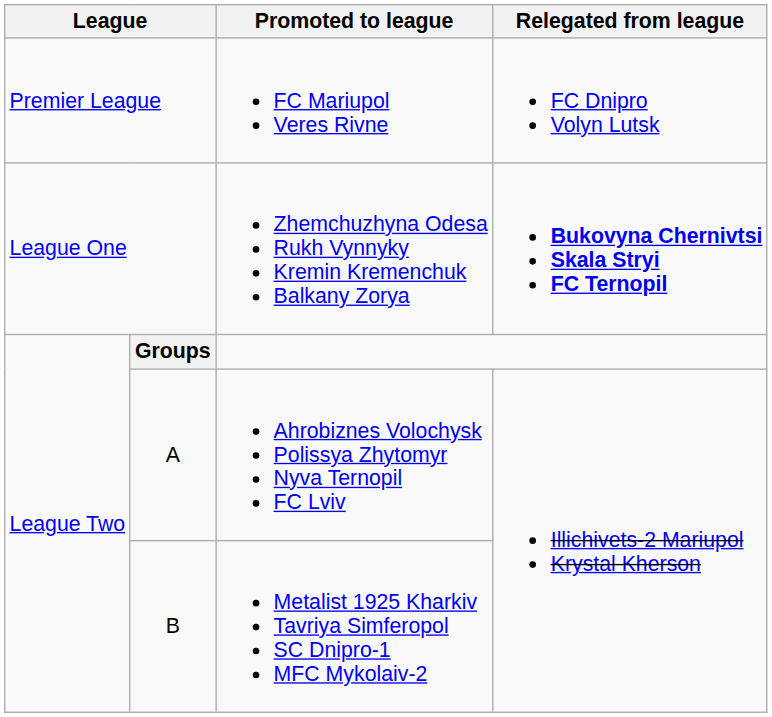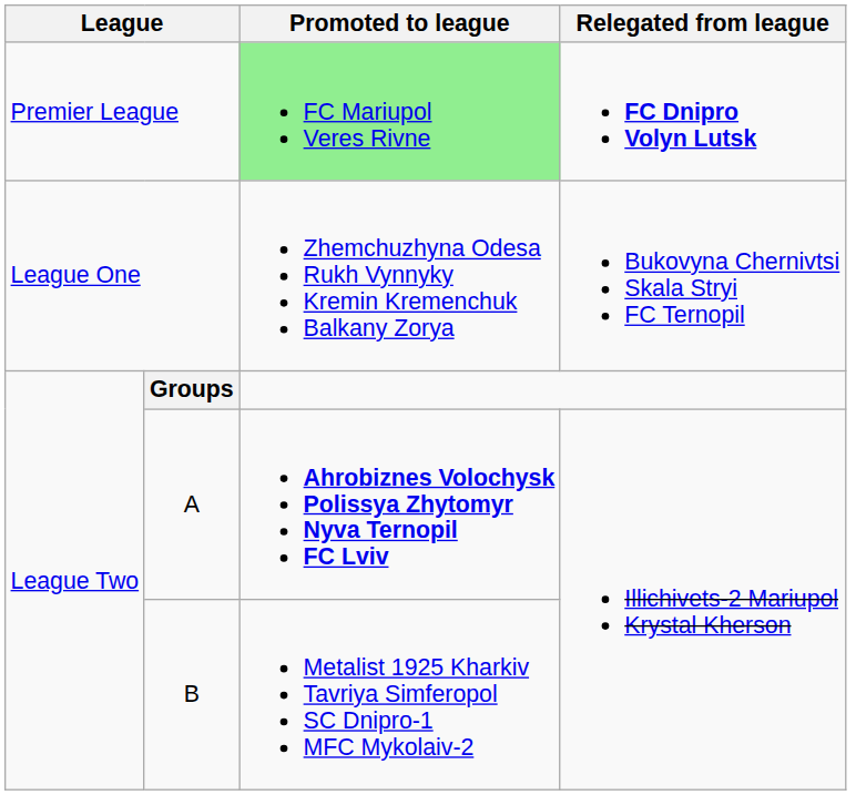 <table class="wikitable">
 <tr>
 <th colspan=2>League</th>
 <th>Promoted to league</th>
 <th>Relegated from league</th>
 </tr>
 <tr>
 <td colspan=2><a href='#'>Premier League</a></td>
-<td><br><ul><li><a href='#'>FC Mariupol</a></li><li><a href='#'>Veres Rivne</a></li></ul></td>
-<td><br><ul><li><a href='#'>FC Dnipro</a> </li><li><a href='#'>Volyn Lutsk</a></li></ul></td>
+<td style="background: lightgreen;"><br><ul><li><a href='#'>FC Mariupol</a></li><li><a href='#'>Veres Rivne</a></li></ul></td>
+<td><strong><br><ul><li><a href='#'>FC Dnipro</a> </li><li><a href='#'>Volyn Lutsk</a></li></ul></strong></td>
 </tr>
 <tr>
 <td colspan=2><a href='#'>League One</a></td>
 <td><br><ul><li><a href='#'>Zhemchuzhyna Odesa</a></li><li><a href='#'>Rukh Vynnyky</a></li><li><a href='#'>Kremin Kremenchuk</a></li><li><a href='#'>Balkany Zorya</a></li></ul></td>
-<td><strong><br><ul><li><a href='#'>Bukovyna Chernivtsi</a></li><li><a href='#'>Skala Stryi</a></li><li><a href='#'>FC Ternopil</a></li></ul></strong></td>
+<td><br><ul><li><a href='#'>Bukovyna Chernivtsi</a></li><li><a href='#'>Skala Stryi</a></li><li><a href='#'>FC Ternopil</a></li></ul></td>
 </tr>
 <tr>
 <td rowspan=3><a href='#'>League Two</a></td>
 <th>Groups</th>
 <td colspan=2></td>
 </tr>
 <tr>
 <td align=center>A</td>
-<td><br><ul><li><a href='#'>Ahrobiznes Volochysk</a></li><li><a href='#'>Polissya Zhytomyr</a></li><li><a href='#'>Nyva Ternopil</a></li><li><a href='#'>FC Lviv</a></li></ul></td>
+<td><strong><br><ul><li><a href='#'>Ahrobiznes Volochysk</a></li><li><a href='#'>Polissya Zhytomyr</a></li><li><a href='#'>Nyva Ternopil</a></li><li><a href='#'>FC Lviv</a></li></ul></strong></td>
 <td rowspan=2><br><ul><li><del><a href='#'>Illichivets-2 Mariupol</a></del></li><li><del><a href='#'>Krystal Kherson</a></del></li></ul></td>
 </tr>
 <tr>
 <td align=center>B</td>
 <td><br><ul><li><a href='#'>Metalist 1925 Kharkiv</a></li><li><a href='#'>Tavriya Simferopol</a></li><li><a href='#'>SC Dnipro-1</a></li><li><a href='#'>MFC Mykolaiv-2</a></li></ul></td>
 </tr>
 </table>
